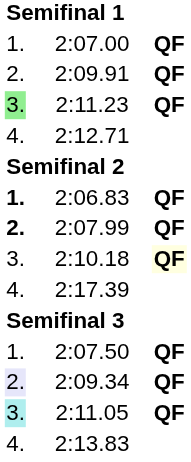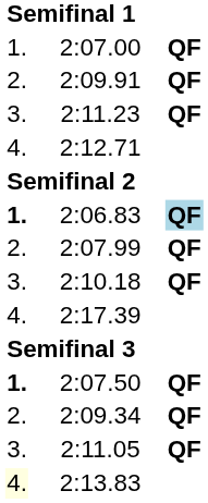 <table style="text-align:center">
 <tr>
 <td colspan=4 align=left><strong>Semifinal 1</strong></td>
 </tr>
 <tr>
 <td width-30>1.</td>
 <td align=left></td>
 <td width=80>2:07.00</td>
 <td><strong>QF</strong></td>
 </tr>
 <tr>
 <td>2.</td>
 <td align=left></td>
 <td>2:09.91</td>
 <td><strong>QF</strong></td>
 </tr>
 <tr>
-<td style="background: lightgreen;">3.</td>
+<td>3.</td>
 <td align=left></td>
 <td>2:11.23</td>
 <td><strong>QF</strong></td>
 </tr>
 <tr>
 <td>4.</td>
 <td align=left></td>
 <td>2:12.71</td>
 <td></td>
 </tr>
 <tr>
 <td colspan=4 align=left><strong>Semifinal 2</strong></td>
 </tr>
 <tr>
 <td><strong>1.</strong></td>
 <td align=left></td>
 <td>2:06.83</td>
-<td><strong>QF</strong></td>
+<td style="background: lightblue;"><strong>QF</strong></td>
 </tr>
 <tr>
-<td><strong>2.</strong></td>
+<td>2.</td>
 <td align=left></td>
 <td>2:07.99</td>
 <td><strong>QF</strong></td>
 </tr>
 <tr>
 <td>3.</td>
 <td align=left></td>
 <td>2:10.18</td>
-<td style="background: lightyellow;"><strong>QF</strong></td>
+<td><strong>QF</strong></td>
 </tr>
 <tr>
 <td>4.</td>
 <td align=left></td>
 <td>2:17.39</td>
 <td></td>
 </tr>
 <tr>
 <td colspan=4 align=left><strong>Semifinal 3</strong></td>
 </tr>
 <tr>
-<td>1.</td>
+<td><strong>1.</strong></td>
 <td align=left></td>
 <td>2:07.50</td>
 <td><strong>QF</strong></td>
 </tr>
 <tr>
-<td style="background: lavender;">2.</td>
+<td>2.</td>
 <td align=left></td>
 <td>2:09.34</td>
 <td><strong>QF</strong></td>
 </tr>
 <tr>
-<td style="background: paleturquoise;">3.</td>
+<td>3.</td>
 <td align=left></td>
 <td>2:11.05</td>
 <td><strong>QF</strong></td>
 </tr>
 <tr>
-<td>4.</td>
+<td style="background: lightyellow;">4.</td>
 <td align=left></td>
 <td>2:13.83</td>
 <td></td>
 </tr>
 </table>
